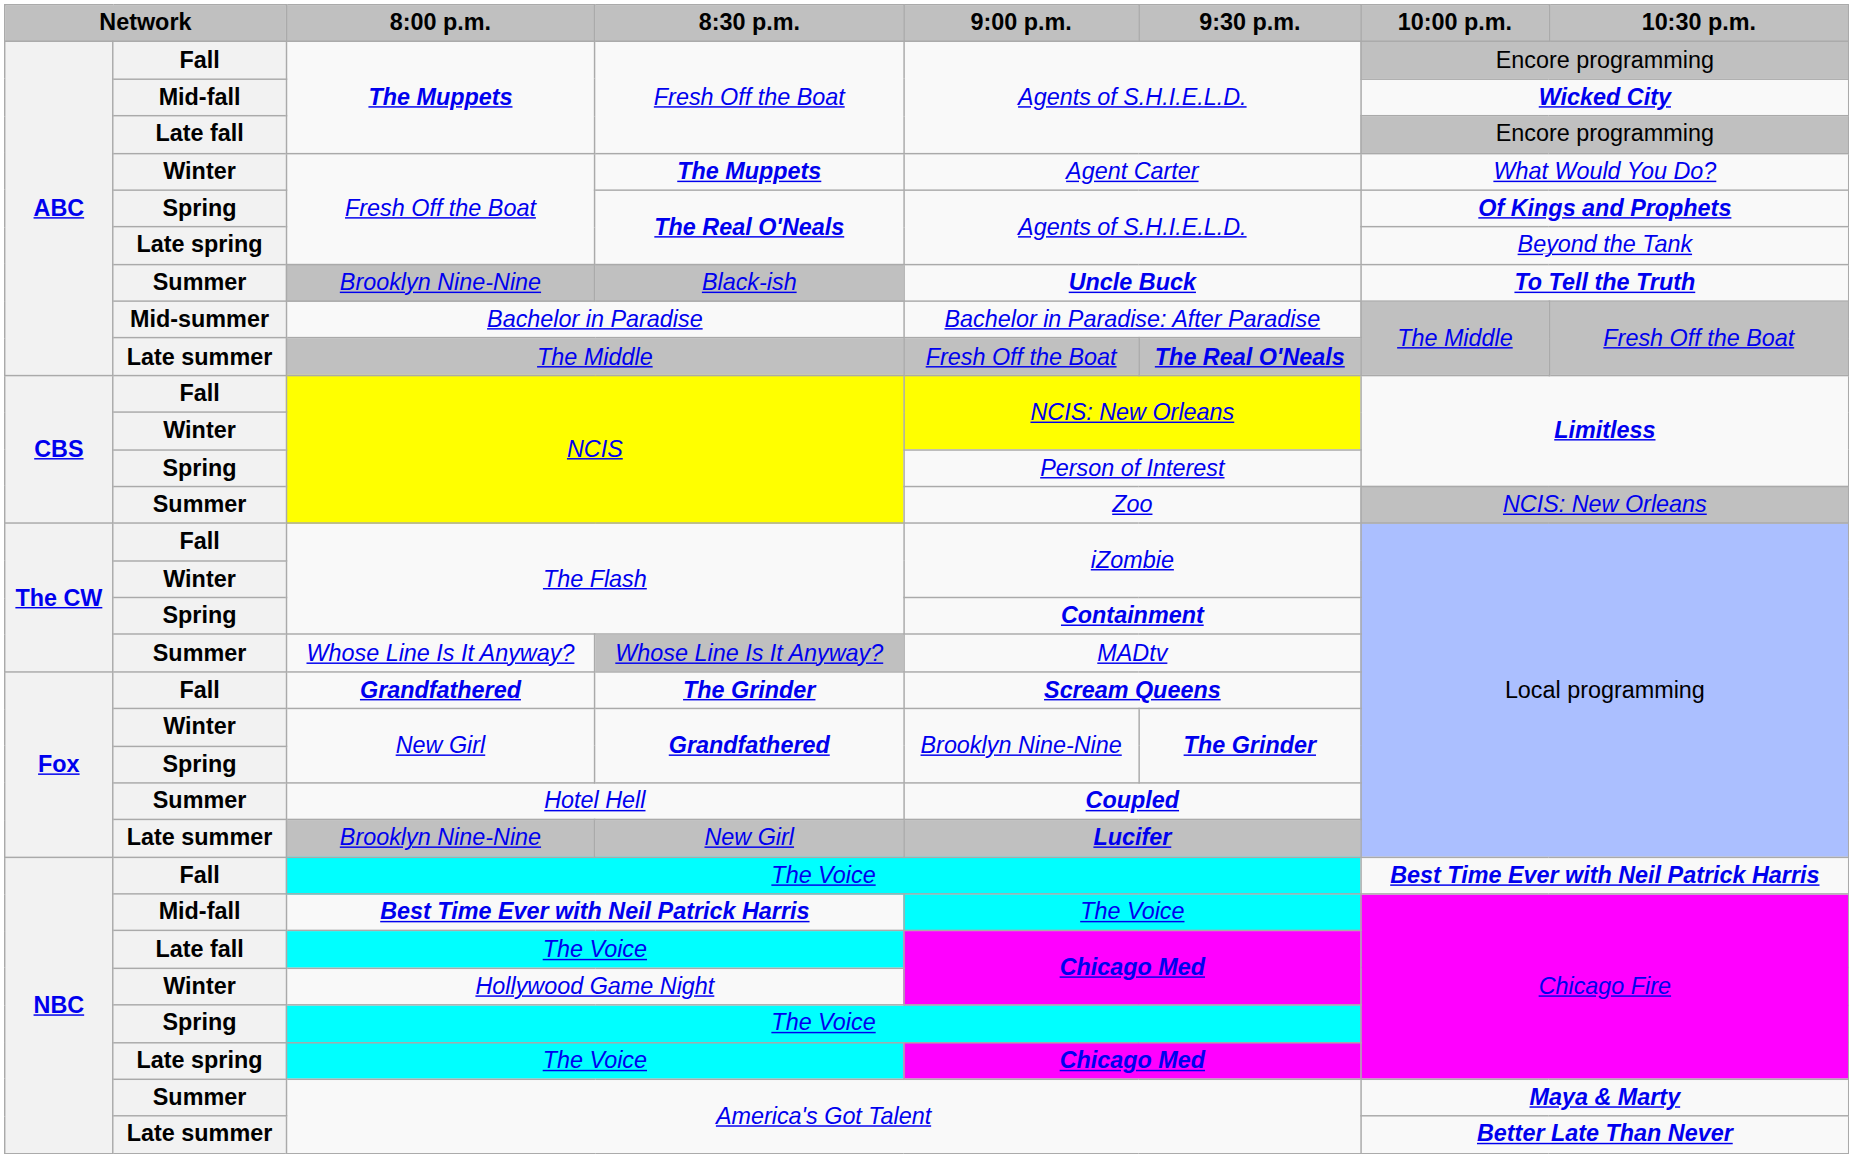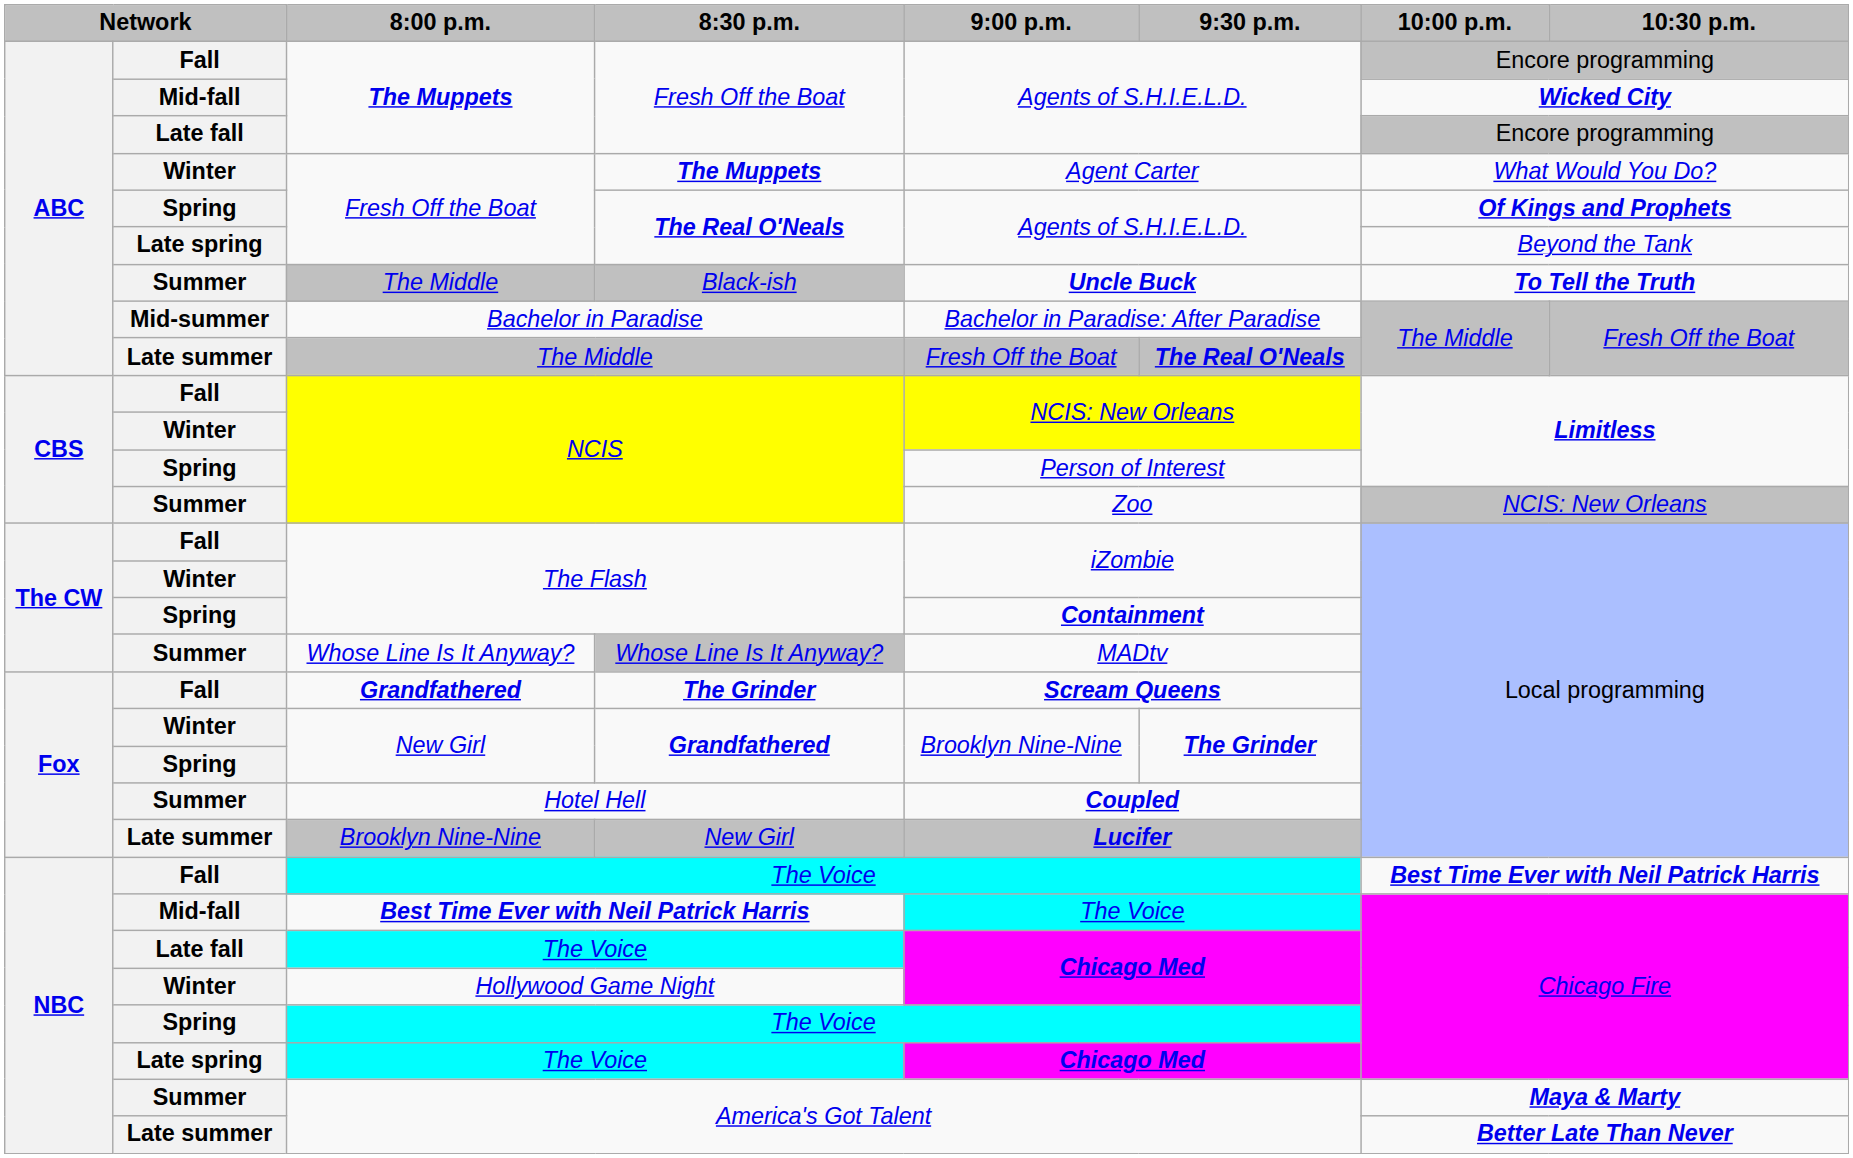 <table class="wikitable" style="width:100%;margin-right:0;text-align:center">
 <tr>
 <th colspan="2" style="background-color:#C0C0C0;text-align:center">Network</th>
 <th style="background-color:#C0C0C0;text-align:center">8:00 p.m.</th>
 <th style="background-color:#C0C0C0;text-align:center">8:30 p.m.</th>
 <th style="background-color:#C0C0C0;text-align:center">9:00 p.m.</th>
 <th style="background-color:#C0C0C0;text-align:center">9:30 p.m.</th>
 <th style="background-color:#C0C0C0;text-align:center">10:00 p.m.</th>
 <th style="background-color:#C0C0C0;text-align:center">10:30 p.m.</th>
 </tr>
 <tr>
 <th rowspan="9"><a href='#'>ABC</a></th>
 <th>Fall</th>
 <td rowspan="3"><strong><em><a href='#'>The Muppets</a></em></strong></td>
 <td rowspan="3"><em><a href='#'>Fresh Off the Boat</a></em></td>
 <td rowspan="3" colspan="2"><em><a href='#'>Agents of S.H.I.E.L.D.</a></em></td>
 <td style="background:#C0C0C0;" colspan="2">Encore programming</td>
 </tr>
 <tr>
 <th>Mid-fall</th>
 <td colspan="2"><strong><em><a href='#'>Wicked City</a></em></strong></td>
 </tr>
 <tr>
 <th>Late fall</th>
 <td style="background:#C0C0C0;" colspan="2">Encore programming</td>
 </tr>
 <tr>
 <th>Winter</th>
 <td rowspan="3"><em><a href='#'>Fresh Off the Boat</a></em></td>
 <td><strong><em><a href='#'>The Muppets</a></em></strong></td>
 <td colspan="2"><em><a href='#'>Agent Carter</a></em></td>
 <td colspan="2"><em><a href='#'>What Would You Do?</a></em></td>
 </tr>
 <tr>
 <th>Spring</th>
 <td rowspan="2"><strong><em><a href='#'>The Real O'Neals</a></em></strong></td>
 <td rowspan="2" colspan="2"><em><a href='#'>Agents of S.H.I.E.L.D.</a></em></td>
 <td colspan="2"><strong><em><a href='#'>Of Kings and Prophets</a></em></strong></td>
 </tr>
 <tr>
 <th>Late spring</th>
 <td colspan="2"><em><a href='#'>Beyond the Tank</a></em></td>
 </tr>
 <tr>
 <th>Summer</th>
-<td style="background:#C0C0C0;"><em><a href='#'>Brooklyn Nine-Nine</a></em> </td>
+<td style="background:#C0C0C0;"><em><a href='#'>The Middle</a></em> </td>
 <td style="background:#C0C0C0;"><em><a href='#'>Black-ish</a></em> </td>
 <td colspan="2"><strong><em><a href='#'>Uncle Buck</a></em></strong></td>
 <td colspan="2"><strong><em><a href='#'>To Tell the Truth</a></em></strong></td>
 </tr>
 <tr>
 <th>Mid-summer</th>
 <td colspan="2"><em><a href='#'>Bachelor in Paradise</a></em></td>
 <td colspan="2"><em><a href='#'>Bachelor in Paradise: After Paradise</a></em></td>
 <td style="background:#C0C0C0;" rowspan="2"><em><a href='#'>The Middle</a></em> </td>
 <td style="background:#C0C0C0;" rowspan="2"><em><a href='#'>Fresh Off the Boat</a></em> </td>
 </tr>
 <tr>
 <th>Late summer</th>
 <td style="background:#C0C0C0;" colspan="2"><em><a href='#'>The Middle</a></em> </td>
 <td style="background:#C0C0C0;"><em><a href='#'>Fresh Off the Boat</a></em> </td>
 <td style="background:#C0C0C0;"><strong><em><a href='#'>The Real O'Neals</a></em></strong> </td>
 </tr>
 <tr>
 <th rowspan="4"><a href='#'>CBS</a></th>
 <th>Fall</th>
 <td rowspan="4" colspan="2" style="background:#FFFF00;"><em><a href='#'>NCIS</a></em> </td>
 <td rowspan="2" colspan="2" style="background:yellow;"><em><a href='#'>NCIS: New Orleans</a></em> </td>
 <td rowspan="3" colspan="2"><strong><em><a href='#'>Limitless</a></em></strong></td>
 </tr>
 <tr>
 <th>Winter</th>
 </tr>
 <tr>
 <th>Spring</th>
 <td colspan="2"><em><a href='#'>Person of Interest</a></em></td>
 </tr>
 <tr>
 <th>Summer</th>
 <td colspan="2"><em><a href='#'>Zoo</a></em></td>
 <td style="background:#C0C0C0;" colspan="2"><em><a href='#'>NCIS: New Orleans</a></em> </td>
 </tr>
 <tr>
 <th rowspan="4"><a href='#'>The CW</a></th>
 <th>Fall</th>
 <td rowspan="3" colspan="2"><em><a href='#'>The Flash</a></em></td>
 <td rowspan="2" colspan="2"><em><a href='#'>iZombie</a></em></td>
 <td style="background:#abbfff;" colspan="2" rowspan="9">Local programming</td>
 </tr>
 <tr>
 <th>Winter</th>
 </tr>
 <tr>
 <th>Spring</th>
 <td colspan="2"><strong><em><a href='#'>Containment</a></em></strong></td>
 </tr>
 <tr>
 <th>Summer</th>
 <td><em><a href='#'>Whose Line Is It Anyway?</a></em></td>
 <td style="background:#C0C0C0;"><em><a href='#'>Whose Line Is It Anyway?</a></em> </td>
 <td colspan="2"><em><a href='#'>MADtv</a></em></td>
 </tr>
 <tr>
 <th rowspan="5"><a href='#'>Fox</a></th>
 <th>Fall</th>
 <td><strong><em><a href='#'>Grandfathered</a></em></strong></td>
 <td><strong><em><a href='#'>The Grinder</a></em></strong></td>
 <td colspan="2"><strong><em><a href='#'>Scream Queens</a></em></strong></td>
 </tr>
 <tr>
 <th>Winter</th>
 <td rowspan="2"><em><a href='#'>New Girl</a></em></td>
 <td rowspan="2"><strong><em><a href='#'>Grandfathered</a></em></strong></td>
 <td rowspan="2"><em><a href='#'>Brooklyn Nine-Nine</a></em></td>
 <td rowspan="2"><strong><em><a href='#'>The Grinder</a></em></strong></td>
 </tr>
 <tr>
 <th>Spring</th>
 </tr>
 <tr>
 <th>Summer</th>
 <td colspan="2"><em><a href='#'>Hotel Hell</a></em></td>
 <td colspan="2"><strong><em><a href='#'>Coupled</a></em></strong></td>
 </tr>
 <tr>
 <th>Late summer</th>
 <td style="background:#C0C0C0;"><em><a href='#'>Brooklyn Nine-Nine</a></em> </td>
 <td style="background:#C0C0C0;"><em><a href='#'>New Girl</a></em> </td>
 <td style="background:#C0C0C0;" colspan="2"><strong><em><a href='#'>Lucifer</a></em></strong> </td>
 </tr>
 <tr>
 <th rowspan="8"><a href='#'>NBC</a></th>
 <th>Fall</th>
 <td colspan="4" style="background:#00FFFF;"><em><a href='#'>The Voice</a></em> </td>
 <td colspan="2"><strong><em><a href='#'>Best Time Ever with Neil Patrick Harris</a></em></strong></td>
 </tr>
 <tr>
 <th>Mid-fall</th>
 <td colspan="2"><strong><em><a href='#'>Best Time Ever with Neil Patrick Harris</a></em></strong></td>
 <td colspan="2" style="background:#00FFFF;"><em><a href='#'>The Voice</a></em> </td>
 <td rowspan="5" colspan="2" style="background:#FF00FF;"><em><a href='#'>Chicago Fire</a></em> </td>
 </tr>
 <tr>
 <th>Late fall</th>
 <td colspan="2" style="background:#00FFFF;"><em><a href='#'>The Voice</a></em> </td>
 <td rowspan="2" colspan="2" style="background:#FF00FF;"><strong><em><a href='#'>Chicago Med</a></em></strong> </td>
 </tr>
 <tr>
 <th>Winter</th>
 <td colspan="2"><em><a href='#'>Hollywood Game Night</a></em></td>
 </tr>
 <tr>
 <th>Spring</th>
 <td colspan="4" style="background:#00FFFF;"><em><a href='#'>The Voice</a></em> </td>
 </tr>
 <tr>
 <th>Late spring</th>
 <td colspan="2" style="background:#00FFFF;"><em><a href='#'>The Voice</a></em> </td>
 <td colspan="2" style="background:#FF00FF;"><strong><em><a href='#'>Chicago Med</a></em></strong> </td>
 </tr>
 <tr>
 <th>Summer</th>
 <td rowspan="2" colspan="4"><em><a href='#'>America's Got Talent</a></em></td>
 <td colspan="2"><strong><em><a href='#'>Maya & Marty</a></em></strong></td>
 </tr>
 <tr>
 <th>Late summer</th>
 <td colspan="2"><strong><em><a href='#'>Better Late Than Never</a></em></strong></td>
 </tr>
 </table>
